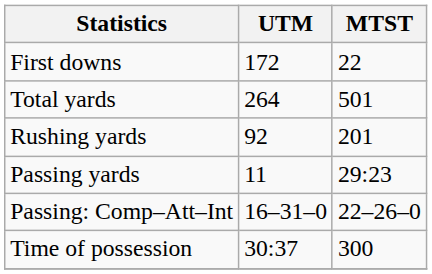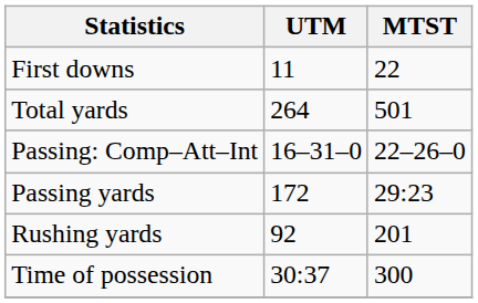 <table class="wikitable" style="float: left;">
 <tr>
 <th>Statistics</th>
 <th>UTM</th>
 <th>MTST</th>
 </tr>
 <tr>
 <td>First downs</td>
-<td>172</td>
+<td>11</td>
 <td>22</td>
 </tr>
 <tr>
 <td>Total yards</td>
 <td>264</td>
 <td>501</td>
 </tr>
 <tr>
+<td>Passing: Comp–Att–Int</td>
+<td>16–31–0</td>
+<td>22–26–0</td>
+</tr>
+<tr>
+<td>Passing yards</td>
+<td>172</td>
+<td>29:23</td>
+</tr>
+<tr>
 <td>Rushing yards</td>
 <td>92</td>
 <td>201</td>
-</tr>
-<tr>
-<td>Passing yards</td>
-<td>11</td>
-<td>29:23</td>
-</tr>
-<tr>
-<td>Passing: Comp–Att–Int</td>
-<td>16–31–0</td>
-<td>22–26–0</td>
 </tr>
 <tr>
 <td>Time of possession</td>
 <td>30:37</td>
 <td>300</td>
 </tr>
 <tr>
 </tr>
 </table>
